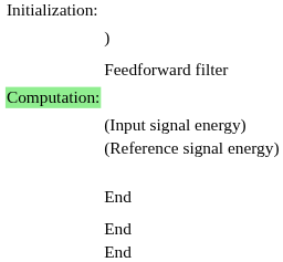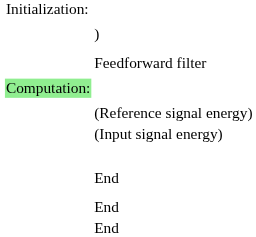 <table>
 <tr>
 <td>Initialization:</td>
 </tr>
 <tr>
 <td></td>
 <td></td>
 </tr>
 <tr>
 <td></td>
 <td>)</td>
 </tr>
 <tr>
 <td></td>
 <td></td>
 </tr>
 <tr>
 <td></td>
 <td></td>
 </tr>
 <tr>
 <td></td>
 <td>Feedforward filter</td>
 </tr>
 <tr>
 <td></td>
 <td></td>
 </tr>
 <tr>
 <td style="background: lightgreen;">Computation:</td>
 </tr>
 <tr>
 <td></td>
 <td></td>
 </tr>
 <tr>
 <td></td>
-<td> (Input signal energy)</td>
+<td> (Reference signal energy)</td>
 </tr>
 <tr>
 <td></td>
-<td> (Reference signal energy)</td>
+<td> (Input signal energy)</td>
 </tr>
 <tr>
 <td></td>
 <td></td>
 </tr>
 <tr>
 <td></td>
 <td></td>
 </tr>
 <tr>
 <td></td>
 <td></td>
 </tr>
 <tr>
 <td></td>
 <td></td>
 </tr>
 <tr>
 <td></td>
 <td></td>
 </tr>
 <tr>
 <td></td>
 <td></td>
 </tr>
 <tr>
 <td></td>
 <td>End</td>
 </tr>
 <tr>
 <td></td>
 <td></td>
 </tr>
 <tr>
 <td></td>
 <td></td>
 </tr>
 <tr>
 <td></td>
 <td>End</td>
 </tr>
 <tr>
 <td></td>
 <td>End</td>
 </tr>
 <tr>
 <td></td>
 <td></td>
 </tr>
 </table>
